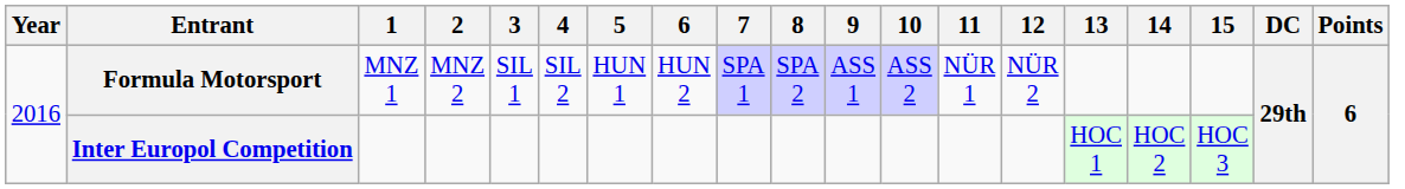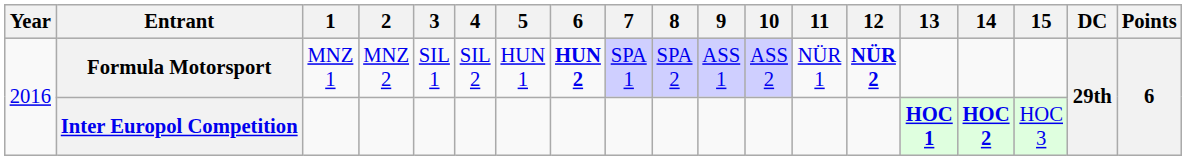 <table class="wikitable" style="text-align:center; font-size:85%">
 <tr>
 <th>Year</th>
 <th>Entrant</th>
 <th>1</th>
 <th>2</th>
 <th>3</th>
 <th>4</th>
 <th>5</th>
 <th>6</th>
 <th>7</th>
 <th>8</th>
 <th>9</th>
 <th>10</th>
 <th>11</th>
 <th>12</th>
 <th>13</th>
 <th>14</th>
 <th>15</th>
 <th>DC</th>
 <th>Points</th>
 </tr>
 <tr>
 <td rowspan="2"><a href='#'>2016</a></td>
 <th nowrap>Formula Motorsport</th>
 <td style="background:#;"><a href='#'>MNZ<br>1</a><br></td>
 <td style="background:#;"><a href='#'>MNZ<br>2</a><br></td>
 <td style="background:#;"><a href='#'>SIL<br>1</a><br></td>
 <td style="background:#;"><a href='#'>SIL<br>2</a><br></td>
 <td style="background:#;"><a href='#'>HUN<br>1</a><br></td>
-<td style="background:#;"><a href='#'>HUN<br>2</a><br></td>
+<td style="background:#;"><strong><a href='#'>HUN<br>2</a><br></strong></td>
 <td style="background:#cfcfff;"><a href='#'>SPA<br>1</a><br></td>
 <td style="background:#cfcfff;"><a href='#'>SPA<br>2</a><br></td>
 <td style="background:#cfcfff;"><a href='#'>ASS<br>1</a><br></td>
 <td style="background:#cfcfff;"><a href='#'>ASS<br>2</a><br></td>
 <td style="background:#;"><a href='#'>NÜR<br>1</a><br></td>
-<td style="background:#;"><a href='#'>NÜR<br>2</a><br></td>
+<td style="background:#;"><strong><a href='#'>NÜR<br>2</a><br></strong></td>
 <td></td>
 <td></td>
 <td></td>
 <th rowspan="2">29th</th>
 <th rowspan="2">6</th>
 </tr>
 <tr>
 <th nowrap><a href='#'>Inter Europol Competition</a></th>
 <td></td>
 <td></td>
 <td></td>
 <td></td>
 <td></td>
 <td></td>
 <td></td>
 <td></td>
 <td></td>
 <td></td>
 <td></td>
 <td></td>
-<td style="background:#dfffdf;"><a href='#'>HOC<br>1</a><br></td>
-<td style="background:#dfffdf;"><a href='#'>HOC<br>2</a><br></td>
+<td style="background:#dfffdf;"><strong><a href='#'>HOC<br>1</a><br></strong></td>
+<td style="background:#dfffdf;"><strong><a href='#'>HOC<br>2</a><br></strong></td>
 <td style="background:#dfffdf;"><a href='#'>HOC<br>3</a><br></td>
 </tr>
 </table>
